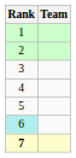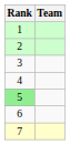 <table class=wikitable style="text-align: center;">
 <tr>
 <th>Rank</th>
 <th>Team</th>
 </tr>
 <tr style="background: #CCFFCC;">
 <td>1</td>
 <td style="text-align: left;"><strong></strong></td>
 </tr>
 <tr style="background: #CCFFCC;">
 <td>2</td>
 <td style="text-align: left;"><strong></strong></td>
 </tr>
 <tr>
 <td>3</td>
 <td style="text-align: left;"></td>
 </tr>
 <tr>
 <td>4</td>
 <td style="text-align: left;"></td>
 </tr>
 <tr>
-<td>5</td>
+<td style="background: lightgreen;">5</td>
 <td style="text-align: left;"></td>
 </tr>
 <tr>
-<td style="background: paleturquoise;">6</td>
+<td>6</td>
 <td style="text-align: left;"></td>
 </tr>
 <tr style="background: #FFFFCC;">
-<td><strong>7</strong></td>
+<td>7</td>
 <td style="text-align: left;"></td>
 </tr>
 </table>
